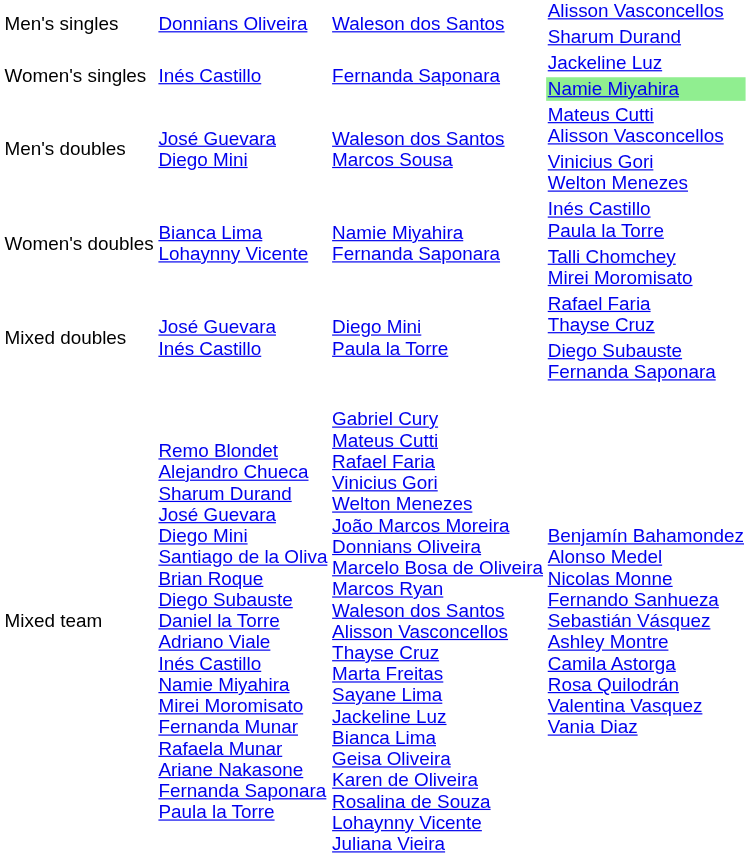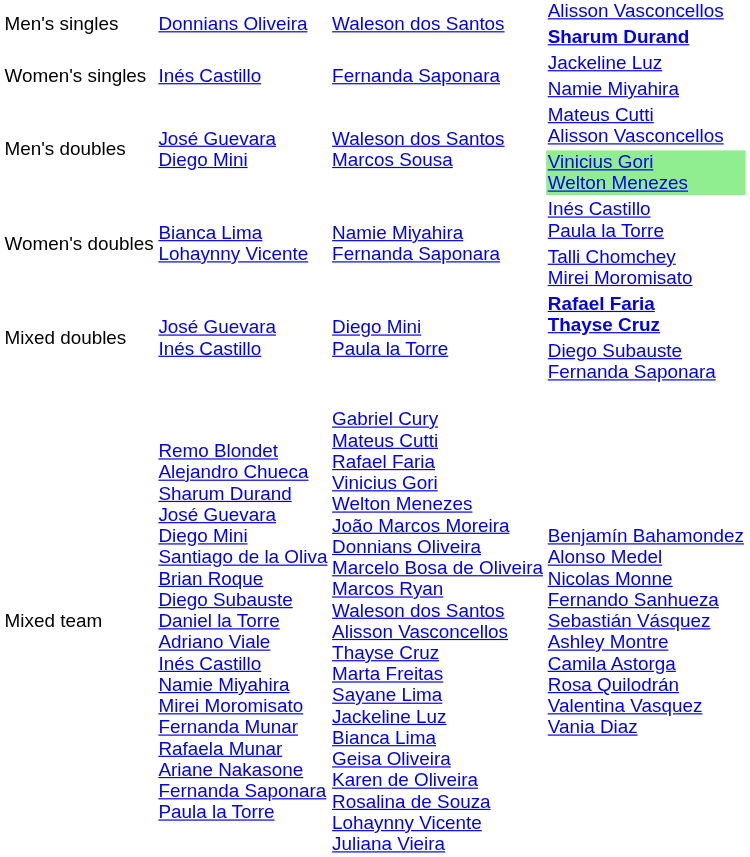 <table>
 <tr>
 <td rowspan="2">Men's singles</td>
 <td rowspan="2"> <a href='#'>Donnians Oliveira</a></td>
 <td rowspan="2"> <a href='#'>Waleson dos Santos</a></td>
 <td> <a href='#'>Alisson Vasconcellos</a></td>
 </tr>
 <tr>
-<td> <a href='#'>Sharum Durand</a></td>
+<td><strong> <a href='#'>Sharum Durand</a></strong></td>
 </tr>
 <tr>
 <td rowspan="2">Women's singles</td>
 <td rowspan="2"> <a href='#'>Inés Castillo</a></td>
 <td rowspan="2"> <a href='#'>Fernanda Saponara</a></td>
 <td> <a href='#'>Jackeline Luz</a></td>
 </tr>
 <tr>
-<td style="background: lightgreen;"> <a href='#'>Namie Miyahira</a></td>
+<td> <a href='#'>Namie Miyahira</a></td>
 </tr>
 <tr>
 <td rowspan="2">Men's doubles</td>
 <td rowspan="2"> <a href='#'>José Guevara</a><br> <a href='#'>Diego Mini</a></td>
 <td rowspan="2"> <a href='#'>Waleson dos Santos</a><br> <a href='#'>Marcos Sousa</a></td>
 <td> <a href='#'>Mateus Cutti</a><br> <a href='#'>Alisson Vasconcellos</a></td>
 </tr>
 <tr>
-<td> <a href='#'>Vinicius Gori</a><br> <a href='#'>Welton Menezes</a></td>
+<td style="background: lightgreen;"> <a href='#'>Vinicius Gori</a><br> <a href='#'>Welton Menezes</a></td>
 </tr>
 <tr>
 <td rowspan="2">Women's doubles</td>
 <td rowspan="2"> <a href='#'>Bianca Lima</a><br> <a href='#'>Lohaynny Vicente</a></td>
 <td rowspan="2"> <a href='#'>Namie Miyahira</a><br> <a href='#'>Fernanda Saponara</a></td>
 <td> <a href='#'>Inés Castillo</a><br> <a href='#'>Paula la Torre</a></td>
 </tr>
 <tr>
 <td> <a href='#'>Talli Chomchey</a><br> <a href='#'>Mirei Moromisato</a></td>
 </tr>
 <tr>
 <td rowspan="2">Mixed doubles</td>
 <td rowspan="2"> <a href='#'>José Guevara</a><br> <a href='#'>Inés Castillo</a></td>
 <td rowspan="2"> <a href='#'>Diego Mini</a><br> <a href='#'>Paula la Torre</a></td>
-<td> <a href='#'>Rafael Faria</a><br> <a href='#'>Thayse Cruz</a></td>
+<td><strong> <a href='#'>Rafael Faria</a><br> <a href='#'>Thayse Cruz</a></strong></td>
 </tr>
 <tr>
 <td> <a href='#'>Diego Subauste</a><br> <a href='#'>Fernanda Saponara</a></td>
 </tr>
 <tr>
 <td>Mixed team</td>
 <td align="left"><br><a href='#'>Remo Blondet</a><br><a href='#'>Alejandro Chueca</a><br><a href='#'>Sharum Durand</a><br><a href='#'>José Guevara</a><br><a href='#'>Diego Mini</a><br><a href='#'>Santiago de la Oliva</a><br><a href='#'>Brian Roque</a><br><a href='#'>Diego Subauste</a><br><a href='#'>Daniel la Torre</a><br><a href='#'>Adriano Viale</a><br><a href='#'>Inés Castillo</a><br><a href='#'>Namie Miyahira</a><br><a href='#'>Mirei Moromisato</a><br><a href='#'>Fernanda Munar</a><br><a href='#'>Rafaela Munar</a><br><a href='#'>Ariane Nakasone</a><br><a href='#'>Fernanda Saponara</a><br><a href='#'>Paula la Torre</a></td>
 <td align="left"><br><a href='#'>Gabriel Cury</a><br><a href='#'>Mateus Cutti</a><br><a href='#'>Rafael Faria</a><br><a href='#'>Vinicius Gori</a><br><a href='#'>Welton Menezes</a><br><a href='#'>João Marcos Moreira</a><br><a href='#'>Donnians Oliveira</a><br><a href='#'>Marcelo Bosa de Oliveira</a><br><a href='#'>Marcos Ryan</a><br><a href='#'>Waleson dos Santos</a><br><a href='#'>Alisson Vasconcellos</a><br><a href='#'>Thayse Cruz</a><br><a href='#'>Marta Freitas</a><br><a href='#'>Sayane Lima</a><br><a href='#'>Jackeline Luz</a><br><a href='#'>Bianca Lima</a><br><a href='#'>Geisa Oliveira</a><br><a href='#'>Karen de Oliveira</a><br><a href='#'>Rosalina de Souza</a><br><a href='#'>Lohaynny Vicente</a><br><a href='#'>Juliana Vieira</a></td>
 <td align="left"><br><a href='#'>Benjamín Bahamondez</a><br><a href='#'>Alonso Medel</a><br><a href='#'>Nicolas Monne</a><br><a href='#'>Fernando Sanhueza</a><br><a href='#'>Sebastián Vásquez</a><br><a href='#'>Ashley Montre</a><br><a href='#'>Camila Astorga</a><br><a href='#'>Rosa Quilodrán</a><br><a href='#'>Valentina Vasquez</a><br><a href='#'>Vania Diaz</a></td>
 </tr>
 </table>
